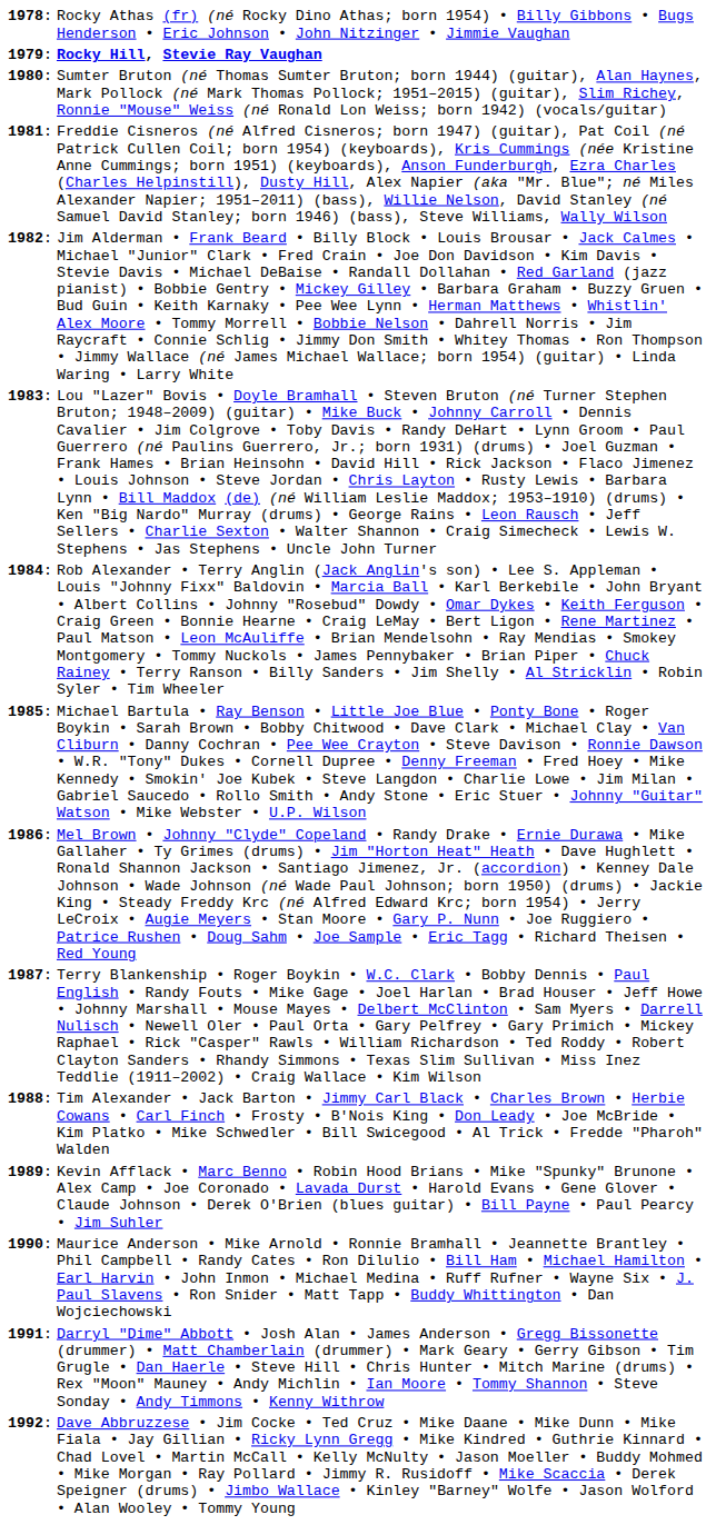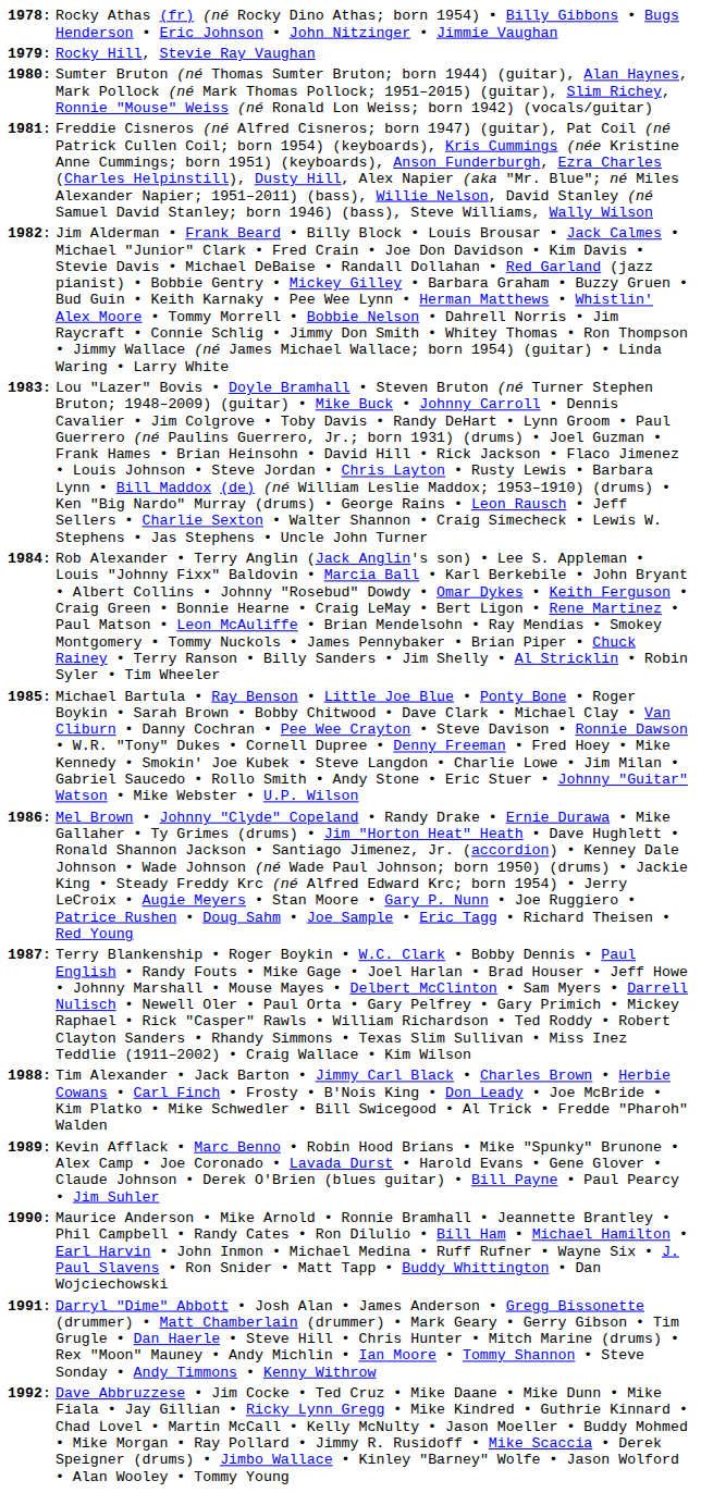 <table valign="top"; border="0" cellpadding="1" style="color: black; background-color: #FFFFFF;">
 <tr valign="top">
 <td width="5%" style="text-align:right"><strong>1978</strong>:</td>
 <td width="95%" style="text-align:left">Rocky Athas <a href='#'>(fr)</a> <em>(né</em> Rocky Dino Athas; born 1954) • <a href='#'>Billy Gibbons</a> • <a href='#'>Bugs Henderson</a> • <a href='#'>Eric Johnson</a> • <a href='#'>John Nitzinger</a> • <a href='#'>Jimmie Vaughan</a></td>
 </tr>
 <tr valign="top">
 <td width="5%" style="text-align:right"><strong>1979</strong>:</td>
-<td width="95%" style="text-align:left"><strong><a href='#'>Rocky Hill</a>, <a href='#'>Stevie Ray Vaughan</a></strong></td>
+<td width="95%" style="text-align:left"><a href='#'>Rocky Hill</a>, <a href='#'>Stevie Ray Vaughan</a></td>
 </tr>
 <tr valign="top">
 <td width="5%" style="text-align:right"><strong>1980</strong>:</td>
 <td width="95%" style="text-align:left">Sumter Bruton <em>(né</em> Thomas Sumter Bruton; born 1944) (guitar), <a href='#'>Alan Haynes</a>, Mark Pollock <em>(né</em> Mark Thomas Pollock; 1951–2015) (guitar), <a href='#'>Slim Richey</a>, <a href='#'>Ronnie "Mouse" Weiss</a> <em>(né</em> Ronald Lon Weiss; born 1942) (vocals/guitar)</td>
 </tr>
 <tr valign="top">
 <td width="5%" style="text-align:right"><strong>1981</strong>:</td>
 <td width="95%" style="text-align:left">Freddie Cisneros <em>(né</em> Alfred Cisneros; born 1947) (guitar), Pat Coil <em>(né</em> Patrick Cullen Coil; born 1954) (keyboards), <a href='#'>Kris Cummings</a> <em>(née</em> Kristine Anne Cummings; born 1951) (keyboards), <a href='#'>Anson Funderburgh</a>, <a href='#'>Ezra Charles</a> (<a href='#'>Charles Helpinstill</a>), <a href='#'>Dusty Hill</a>, Alex Napier <em>(aka</em>  "Mr. Blue"; <em>né</em> Miles Alexander Napier; 1951–2011) (bass), <a href='#'>Willie Nelson</a>, David Stanley <em>(né</em> Samuel David Stanley; born 1946) (bass), Steve Williams, <a href='#'>Wally Wilson</a></td>
 </tr>
 <tr valign="top">
 <td width="5%" style="text-align:right"><strong>1982</strong>:</td>
 <td width="95%" style="text-align:left">Jim Alderman • <a href='#'>Frank Beard</a> • Billy Block • Louis Brousar • <a href='#'>Jack Calmes</a> • Michael "Junior" Clark • Fred Crain • Joe Don Davidson • Kim Davis • Stevie Davis • Michael DeBaise • Randall Dollahan • <a href='#'>Red Garland</a> (jazz pianist) • Bobbie Gentry • <a href='#'>Mickey Gilley</a> • Barbara Graham • Buzzy Gruen • Bud Guin • Keith Karnaky •  Pee Wee Lynn • <a href='#'>Herman Matthews</a> • <a href='#'>Whistlin' Alex Moore</a> • Tommy Morrell • <a href='#'>Bobbie Nelson</a> • Dahrell Norris • Jim Raycraft • Connie Schlig • Jimmy Don Smith • Whitey Thomas • Ron Thompson • Jimmy Wallace <em>(né</em> James Michael Wallace; born 1954) (guitar) • Linda Waring • Larry White</td>
 </tr>
 <tr valign="top">
 <td width="5%" style="text-align:right"><strong>1983</strong>:</td>
 <td width="95%" style="text-align:left">Lou "Lazer" Bovis • <a href='#'>Doyle Bramhall</a> • Steven Bruton <em>(né</em> Turner Stephen Bruton; 1948–2009) (guitar) • <a href='#'>Mike Buck</a> • <a href='#'>Johnny Carroll</a> • Dennis Cavalier • Jim Colgrove • Toby Davis • Randy DeHart • Lynn Groom • Paul Guerrero <em>(né</em> Paulins Guerrero, Jr.; born 1931) (drums) • Joel Guzman • Frank Hames • Brian Heinsohn • David Hill • Rick Jackson • Flaco Jimenez • Louis Johnson • Steve Jordan • <a href='#'>Chris Layton</a> • Rusty Lewis • Barbara Lynn • <a href='#'>Bill Maddox</a> <a href='#'>(de)</a> <em>(né</em> William Leslie Maddox; 1953–1910) (drums) • Ken "Big Nardo" Murray (drums) • George Rains • <a href='#'>Leon Rausch</a> • Jeff Sellers • <a href='#'>Charlie Sexton</a> • Walter Shannon • Craig Simecheck • Lewis W. Stephens • Jas Stephens • Uncle John Turner</td>
 </tr>
 <tr valign="top">
 <td width="5%" style="text-align:right"><strong>1984</strong>:</td>
 <td width="95%" style="text-align:left">Rob Alexander • Terry Anglin (<a href='#'>Jack Anglin</a>'s son) • Lee S. Appleman • Louis "Johnny Fixx" Baldovin • <a href='#'>Marcia Ball</a> • Karl Berkebile • John Bryant • Albert Collins • Johnny "Rosebud" Dowdy • <a href='#'>Omar Dykes</a> • <a href='#'>Keith Ferguson</a> • Craig Green • Bonnie Hearne • Craig LeMay • Bert Ligon • <a href='#'>Rene Martinez</a> • Paul Matson • <a href='#'>Leon McAuliffe</a> • Brian Mendelsohn • Ray Mendias • Smokey Montgomery • Tommy Nuckols • James Pennybaker • Brian Piper • <a href='#'>Chuck Rainey</a> • Terry Ranson • Billy Sanders • Jim Shelly • <a href='#'>Al Stricklin</a> • Robin Syler • Tim Wheeler</td>
 </tr>
 <tr valign="top">
 <td width="5%" style="text-align:right"><strong>1985</strong>:</td>
 <td width="95%" style="text-align:left">Michael Bartula • <a href='#'>Ray Benson</a> • <a href='#'>Little Joe Blue</a> • <a href='#'>Ponty Bone</a> • Roger Boykin • Sarah Brown • Bobby Chitwood • Dave Clark • Michael Clay • <a href='#'>Van Cliburn</a> • Danny Cochran • <a href='#'>Pee Wee Crayton</a> • Steve Davison • <a href='#'>Ronnie Dawson</a> • W.R. "Tony" Dukes • Cornell Dupree • <a href='#'>Denny Freeman</a> • Fred Hoey • Mike Kennedy • Smokin' Joe Kubek • Steve Langdon • Charlie Lowe • Jim Milan • Gabriel Saucedo • Rollo Smith • Andy Stone • Eric Stuer • <a href='#'>Johnny "Guitar" Watson</a> • Mike Webster • <a href='#'>U.P. Wilson</a></td>
 </tr>
 <tr valign="top">
 <td width="5%" style="text-align:right"><strong>1986</strong>:</td>
 <td width="95%" style="text-align:left"><a href='#'>Mel Brown</a> • <a href='#'>Johnny "Clyde" Copeland</a> • Randy Drake • <a href='#'>Ernie Durawa</a> • Mike Gallaher • Ty Grimes (drums) • <a href='#'>Jim "Horton Heat" Heath</a> • Dave Hughlett • Ronald Shannon Jackson • Santiago Jimenez, Jr. (<a href='#'>accordion</a>) • Kenney Dale Johnson • Wade Johnson <em>(né</em> Wade Paul Johnson; born 1950) (drums) • Jackie King • Steady Freddy Krc <em>(né</em> Alfred Edward Krc; born 1954) • Jerry LeCroix • <a href='#'>Augie Meyers</a> • Stan Moore • <a href='#'>Gary P. Nunn</a> • Joe Ruggiero • <a href='#'>Patrice Rushen</a> • <a href='#'>Doug Sahm</a> • <a href='#'>Joe Sample</a> • <a href='#'>Eric Tagg</a> • Richard Theisen • <a href='#'>Red Young</a></td>
 </tr>
 <tr valign="top">
 <td width="5%" style="text-align:right"><strong>1987</strong>:</td>
 <td width="95%" style="text-align:left">Terry Blankenship • Roger Boykin • <a href='#'>W.C. Clark</a> • Bobby Dennis • <a href='#'>Paul English</a> • Randy Fouts • Mike Gage • Joel Harlan • Brad Houser • Jeff Howe • Johnny Marshall • Mouse Mayes • <a href='#'>Delbert McClinton</a> • Sam Myers • <a href='#'>Darrell Nulisch</a> • Newell Oler • Paul Orta • Gary Pelfrey • Gary Primich • Mickey Raphael • Rick "Casper" Rawls • William Richardson • Ted Roddy • Robert Clayton Sanders • Rhandy Simmons • Texas Slim Sullivan • Miss Inez Teddlie (1911–2002) • Craig Wallace • Kim Wilson</td>
 </tr>
 <tr valign="top">
 <td width="5%" style="text-align:right"><strong>1988</strong>:</td>
 <td width="95%" style="text-align:left">Tim Alexander • Jack Barton • <a href='#'>Jimmy Carl Black</a> • <a href='#'>Charles Brown</a> • <a href='#'>Herbie Cowans</a> • <a href='#'>Carl Finch</a> • Frosty • B'Nois King • <a href='#'>Don Leady</a> • Joe McBride • Kim Platko • Mike Schwedler • Bill Swicegood • Al Trick • Fredde "Pharoh" Walden</td>
 </tr>
 <tr valign="top">
 <td width="5%" style="text-align:right"><strong>1989</strong>:</td>
 <td width="95%" style="text-align:left">Kevin Afflack • <a href='#'>Marc Benno</a> • Robin Hood Brians • Mike "Spunky" Brunone • Alex Camp • Joe Coronado • <a href='#'>Lavada Durst</a> • Harold Evans • Gene Glover • Claude Johnson • Derek O'Brien (blues guitar) • <a href='#'>Bill Payne</a> • Paul Pearcy • <a href='#'>Jim Suhler</a></td>
 </tr>
 <tr valign="top">
 <td width="5%" style="text-align:right"><strong>1990</strong>:</td>
 <td width="95%" style="text-align:left">Maurice Anderson • Mike Arnold • Ronnie Bramhall • Jeannette Brantley • Phil Campbell • Randy Cates • Ron Dilulio • <a href='#'>Bill Ham</a> • <a href='#'>Michael Hamilton</a> • <a href='#'>Earl Harvin</a> • John Inmon • Michael Medina • Ruff Rufner • Wayne Six • <a href='#'>J. Paul Slavens</a> • Ron Snider • Matt Tapp • <a href='#'>Buddy Whittington</a> • Dan Wojciechowski</td>
 </tr>
 <tr valign="top">
 <td width="5%" style="text-align:right"><strong>1991</strong>:</td>
 <td width="95%" style="text-align:left"><a href='#'>Darryl "Dime" Abbott</a> • Josh Alan • James Anderson • <a href='#'>Gregg Bissonette</a> (drummer) • <a href='#'>Matt Chamberlain</a> (drummer) • Mark Geary • Gerry Gibson • Tim Grugle • <a href='#'>Dan Haerle</a> • Steve Hill • Chris Hunter • Mitch Marine (drums) • Rex "Moon" Mauney • Andy Michlin • <a href='#'>Ian Moore</a> • <a href='#'>Tommy Shannon</a> • Steve Sonday • <a href='#'>Andy Timmons</a> • <a href='#'>Kenny Withrow</a></td>
 </tr>
 <tr valign="top">
 <td width="5%" style="text-align:right"><strong>1992</strong>:</td>
 <td width="95%" style="text-align:left"><a href='#'>Dave Abbruzzese</a> • Jim Cocke • Ted Cruz • Mike Daane • Mike Dunn • Mike Fiala • Jay Gillian • <a href='#'>Ricky Lynn Gregg</a> • Mike Kindred • Guthrie Kinnard • Chad Lovel • Martin McCall • Kelly McNulty • Jason Moeller • Buddy Mohmed • Mike Morgan • Ray Pollard • Jimmy R. Rusidoff • <a href='#'>Mike Scaccia</a> • Derek Speigner (drums) • <a href='#'>Jimbo Wallace</a> • Kinley "Barney" Wolfe • Jason Wolford • Alan Wooley • Tommy Young</td>
 </tr>
 </table>
